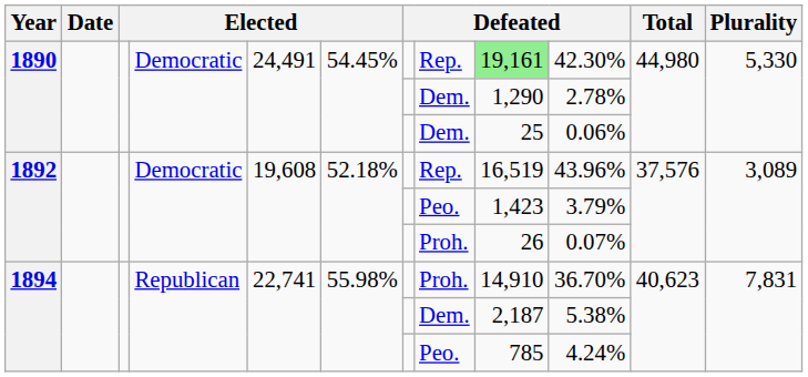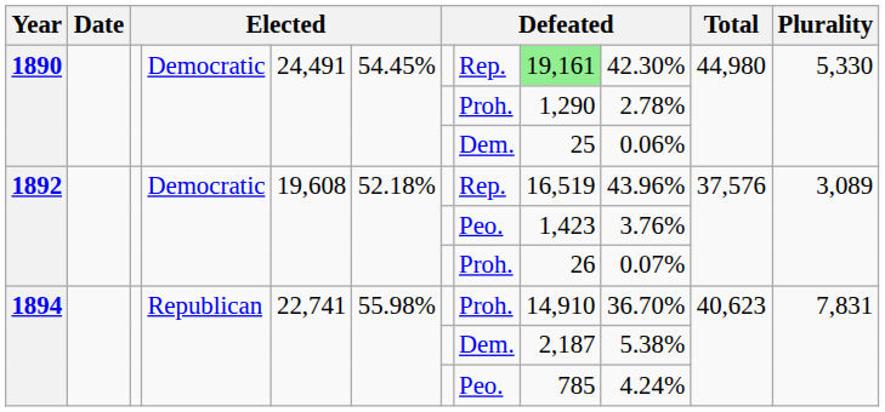 <table class=wikitable>
 <tr>
 <th>Year</th>
 <th>Date</th>
 <th ! colspan="4">Elected</th>
 <th ! colspan="4">Defeated</th>
 <th>Total</th>
 <th>Plurality</th>
 </tr>
 <tr>
 <th rowspan="3" valign="top"><a href='#'>1890</a></th>
 <td rowspan="3" valign="top"></td>
 <td rowspan="3" valign="top"></td>
 <td rowspan="3" valign="top" ><a href='#'>Democratic</a></td>
 <td rowspan="3" valign="top" align="right">24,491</td>
 <td rowspan="3" valign="top" align="right">54.45%</td>
 <td valign="top"></td>
 <td valign="top" ><a href='#'>Rep.</a></td>
 <td valign="top" align="right" style="background: lightgreen;">19,161</td>
 <td valign="top" align="right">42.30%</td>
 <td rowspan="3" valign="top" align="right">44,980</td>
 <td rowspan="3" valign="top" align="right">5,330</td>
 </tr>
 <tr>
 <td valign="top"></td>
-<td valign="top" ><a href='#'>Dem.</a></td>
+<td valign="top" ><a href='#'>Proh.</a></td>
 <td valign="top" align="right">1,290</td>
 <td valign="top" align="right">2.78%</td>
 </tr>
 <tr>
 <td valign="top"></td>
 <td valign="top" ><a href='#'>Dem.</a></td>
 <td valign="top" align="right">25</td>
 <td valign="top" align="right">0.06%</td>
 </tr>
 <tr>
 <th rowspan="3" valign="top"><a href='#'>1892</a></th>
 <td rowspan="3" valign="top"></td>
 <td rowspan="3" valign="top"></td>
 <td rowspan="3" valign="top" ><a href='#'>Democratic</a></td>
 <td rowspan="3" valign="top" align="right">19,608</td>
 <td rowspan="3" valign="top" align="right">52.18%</td>
 <td valign="top"></td>
 <td valign="top" ><a href='#'>Rep.</a></td>
 <td valign="top" align="right">16,519</td>
 <td valign="top" align="right">43.96%</td>
 <td rowspan="3" valign="top" align="right">37,576</td>
 <td rowspan="3" valign="top" align="right">3,089</td>
 </tr>
 <tr>
 <td valign="top"></td>
 <td valign="top" ><a href='#'>Peo.</a></td>
 <td valign="top" align="right">1,423</td>
-<td valign="top" align="right">3.79%</td>
+<td valign="top" align="right">3.76%</td>
 </tr>
 <tr>
 <td valign="top"></td>
 <td valign="top" ><a href='#'>Proh.</a></td>
 <td valign="top" align="right">26</td>
 <td valign="top" align="right">0.07%</td>
 </tr>
 <tr>
 <th rowspan="3" valign="top"><a href='#'>1894</a></th>
 <td rowspan="3" valign="top"></td>
 <td rowspan="3" valign="top"></td>
 <td rowspan="3" valign="top" ><a href='#'>Republican</a></td>
 <td rowspan="3" valign="top" align="right">22,741</td>
 <td rowspan="3" valign="top" align="right">55.98%</td>
 <td valign="top"></td>
 <td valign="top" ><a href='#'>Proh.</a></td>
 <td valign="top" align="right">14,910</td>
 <td valign="top" align="right">36.70%</td>
 <td rowspan="3" valign="top" align="right">40,623</td>
 <td rowspan="3" valign="top" align="right">7,831</td>
 </tr>
 <tr>
 <td valign="top"></td>
 <td valign="top" ><a href='#'>Dem.</a></td>
 <td valign="top" align="right">2,187</td>
 <td valign="top" align="right">5.38%</td>
 </tr>
 <tr>
 <td valign="top"></td>
 <td valign="top" ><a href='#'>Peo.</a></td>
 <td valign="top" align="right">785</td>
 <td valign="top" align="right">4.24%</td>
 </tr>
 </table>
